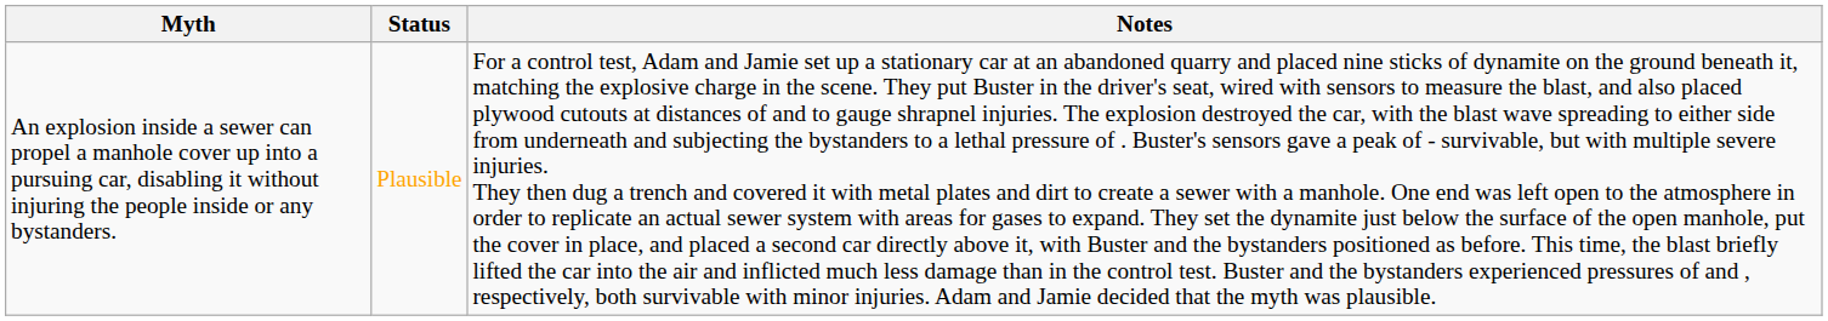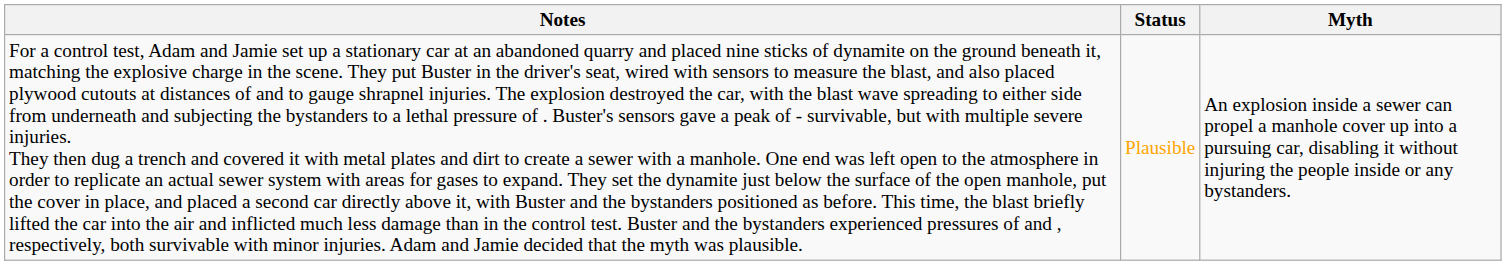 <table class="wikitable plainrowheaders">
 <tr>
+<th scope"col">Notes</th>
+<th scope"col">Status</th>
 <th scope"col">Myth</th>
-<th scope"col">Status</th>
-<th scope"col">Notes</th>
 </tr>
 <tr>
+<td>For a control test, Adam and Jamie set up a stationary car at an abandoned quarry and placed nine sticks of dynamite on the ground beneath it, matching the explosive charge in the scene. They put Buster in the driver's seat, wired with sensors to measure the blast, and also placed plywood cutouts at distances of  and  to gauge shrapnel injuries. The explosion destroyed the car, with the blast wave spreading to either side from underneath and subjecting the bystanders to a lethal pressure of . Buster's sensors gave a peak of  - survivable, but with multiple severe injuries.<br>They then dug a trench and covered it with metal plates and dirt to create a sewer with a manhole. One end was left open to the atmosphere in order to replicate an actual sewer system with areas for gases to expand. They set the dynamite just below the surface of the open manhole, put the cover in place, and placed a second car directly above it, with Buster and the bystanders positioned as before. This time, the blast briefly lifted the car into the air and inflicted much less damage than in the control test. Buster and the bystanders experienced pressures of  and , respectively, both survivable with minor injuries. Adam and Jamie decided that the myth was plausible.</td>
+<td style="color:orange">Plausible</td>
 <td scope"row">An explosion inside a sewer can propel a manhole cover up into a pursuing car, disabling it without injuring the people inside or any bystanders.</td>
-<td style="color:orange">Plausible</td>
-<td>For a control test, Adam and Jamie set up a stationary car at an abandoned quarry and placed nine sticks of dynamite on the ground beneath it, matching the explosive charge in the scene. They put Buster in the driver's seat, wired with sensors to measure the blast, and also placed plywood cutouts at distances of  and  to gauge shrapnel injuries. The explosion destroyed the car, with the blast wave spreading to either side from underneath and subjecting the bystanders to a lethal pressure of . Buster's sensors gave a peak of  - survivable, but with multiple severe injuries.<br>They then dug a trench and covered it with metal plates and dirt to create a sewer with a manhole. One end was left open to the atmosphere in order to replicate an actual sewer system with areas for gases to expand. They set the dynamite just below the surface of the open manhole, put the cover in place, and placed a second car directly above it, with Buster and the bystanders positioned as before. This time, the blast briefly lifted the car into the air and inflicted much less damage than in the control test. Buster and the bystanders experienced pressures of  and , respectively, both survivable with minor injuries. Adam and Jamie decided that the myth was plausible.</td>
 </tr>
 </table>
